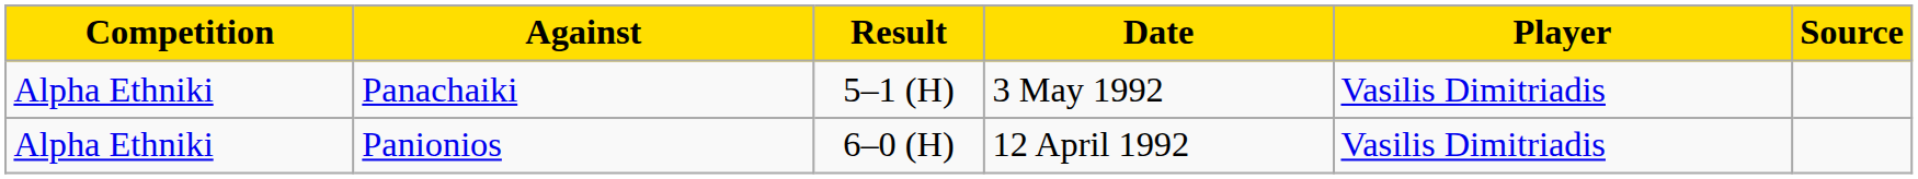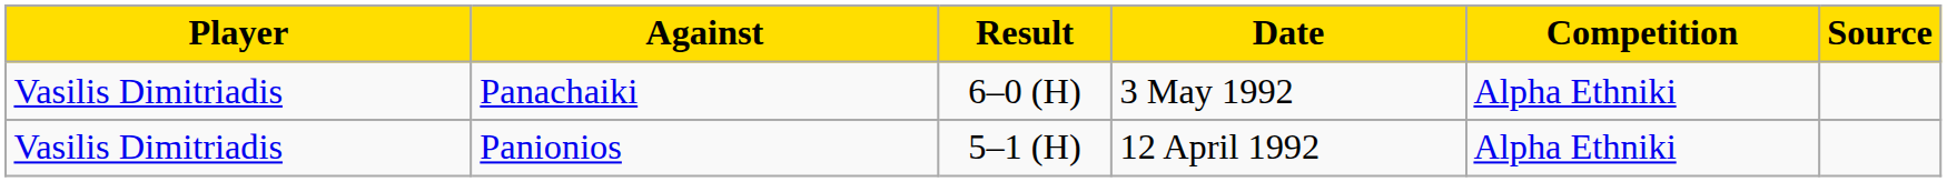 <table class="wikitable">
 <tr>
-<th width=150 style="background:#FFDE00">Competition</th>
+<th width=200 style="background:#FFDE00">Player</th>
 <th width=200 style="background:#FFDE00">Against</th>
 <th width=70 style="background:#FFDE00">Result</th>
 <th width=150 style="background:#FFDE00">Date</th>
-<th width=200 style="background:#FFDE00">Player</th>
+<th width=150 style="background:#FFDE00">Competition</th>
 <th style="background:#FFDE00">Source</th>
 </tr>
 <tr>
+<td> <a href='#'>Vasilis Dimitriadis</a></td>
+<td> <a href='#'>Panachaiki</a></td>
+<td align=center>6–0 (H)</td>
+<td>3 May 1992</td>
 <td><a href='#'>Alpha Ethniki</a></td>
-<td> <a href='#'>Panachaiki</a></td>
-<td align=center>5–1 (H)</td>
-<td>3 May 1992</td>
-<td> <a href='#'>Vasilis Dimitriadis</a></td>
 <td align=center></td>
 </tr>
 <tr>
+<td> <a href='#'>Vasilis Dimitriadis</a></td>
+<td> <a href='#'>Panionios</a></td>
+<td align=center>5–1 (H)</td>
+<td>12 April 1992</td>
 <td><a href='#'>Alpha Ethniki</a></td>
-<td> <a href='#'>Panionios</a></td>
-<td align=center>6–0 (H)</td>
-<td>12 April 1992</td>
-<td> <a href='#'>Vasilis Dimitriadis</a></td>
 <td align=center></td>
 </tr>
 </table>
